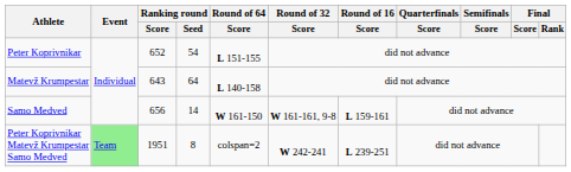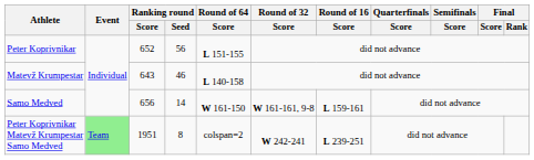 <table class="wikitable" style="font-size:90%">
 <tr>
 <th rowspan="2">Athlete</th>
 <th rowspan="2">Event</th>
 <th colspan="2">Ranking round</th>
 <th colspan="1">Round of 64</th>
 <th colspan="1">Round of 32</th>
 <th colspan="1">Round of 16</th>
 <th colspan="1">Quarterfinals</th>
 <th colspan="1">Semifinals</th>
 <th colspan="2">Final</th>
 </tr>
 <tr style="font-size:95%">
 <th>Score</th>
 <th>Seed</th>
 <th>Score</th>
 <th>Score</th>
 <th>Score</th>
 <th>Score</th>
 <th>Score</th>
 <th>Score</th>
 <th>Rank</th>
 </tr>
 <tr align=center>
 <td align=left><a href='#'>Peter Koprivnikar</a></td>
 <td align=left rowspan=3><a href='#'>Individual</a></td>
 <td>652</td>
-<td>54</td>
+<td>56</td>
 <td><br><strong>L</strong> 151-155</td>
 <td colspan=6>did not advance</td>
 </tr>
 <tr align=center>
 <td align=left><a href='#'>Matevž Krumpestar</a></td>
 <td>643</td>
-<td>64</td>
+<td>46</td>
 <td><br><strong>L</strong> 140-158</td>
 <td colspan=6>did not advance</td>
 </tr>
 <tr align=center>
 <td align=left><a href='#'>Samo Medved</a></td>
 <td>656</td>
 <td>14</td>
 <td><br><strong>W</strong> 161-150</td>
 <td><br><strong>W</strong> 161-161, 9-8</td>
 <td><br><strong>L</strong> 159-161</td>
 <td colspan=4>did not advance</td>
 </tr>
 <tr align=center>
 <td align=left><a href='#'>Peter Koprivnikar</a><br><a href='#'>Matevž Krumpestar</a><br><a href='#'>Samo Medved</a></td>
 <td align=left style="background: lightgreen;"><a href='#'>Team</a></td>
 <td>1951</td>
 <td>8</td>
 <td>colspan=2 </td>
 <td><br><strong>W</strong> 242-241</td>
 <td><br><strong>L</strong> 239-251</td>
 <td colspan=3>did not advance</td>
 </tr>
 </table>
